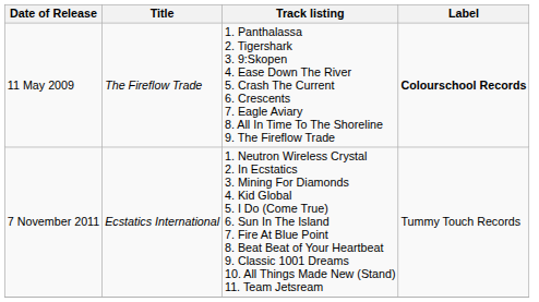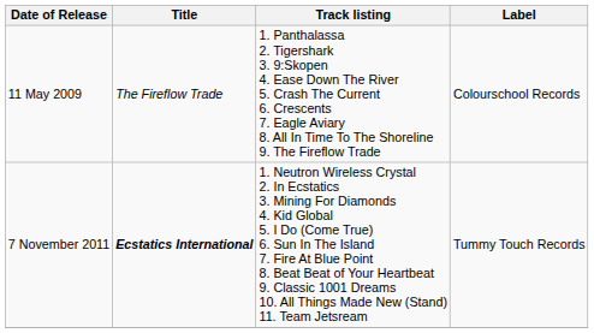 <table class="wikitable">
 <tr>
 <th>Date of Release</th>
 <th>Title</th>
 <th>Track listing</th>
 <th>Label</th>
 </tr>
 <tr>
 <td align="top">11 May 2009</td>
 <td align="top"><em>The Fireflow Trade</em></td>
 <td align="left">1. Panthalassa<br> 2. Tigershark <br> 3. 9:Skopen <br> 4. Ease Down The River <br> 5. Crash The Current <br> 6. Crescents <br>7. Eagle Aviary <br>8. All In Time To The Shoreline <br>9. The Fireflow Trade</td>
-<td><strong>Colourschool Records</strong></td>
+<td>Colourschool Records</td>
 </tr>
 <tr>
 <td>7 November 2011</td>
-<td><em>Ecstatics International</em></td>
+<td><strong><em>Ecstatics International</em></strong></td>
 <td>1. Neutron Wireless Crystal <br> 2. In Ecstatics <br> 3. Mining For Diamonds <br> 4. Kid Global <br> 5. I Do (Come True) <br> 6. Sun In The Island <br>7. Fire At Blue Point <br>8. Beat Beat of Your Heartbeat <br>9. Classic 1001 Dreams <br>10. All Things Made New (Stand) <br>11. Team Jetsream <br></td>
 <td>Tummy Touch Records</td>
 </tr>
 <tr>
 </tr>
 </table>
